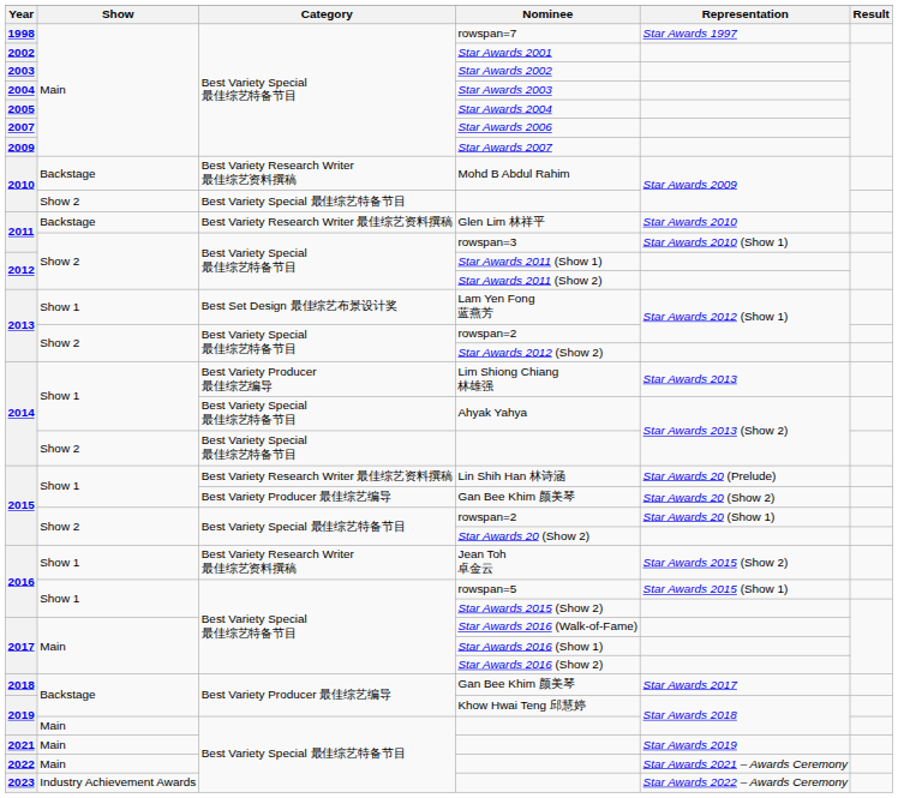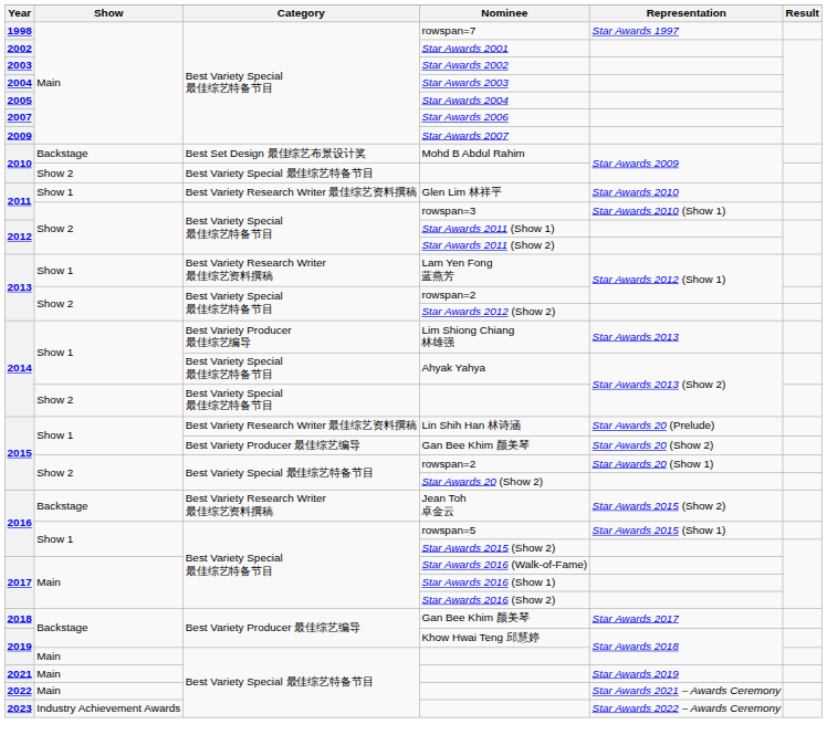 <table class="wikitable">
 <tr>
 </tr>
 <tr>
 <th>Year</th>
 <th>Show</th>
 <th>Category</th>
 <th>Nominee</th>
 <th>Representation</th>
 <th>Result</th>
 </tr>
 <tr>
 <th><a href='#'>1998</a></th>
 <td rowspan=7>Main</td>
 <td rowspan=7>Best Variety Special<br>最佳综艺特备节目</td>
 <td>rowspan=7 </td>
 <td><em><a href='#'>Star Awards 1997</a></em></td>
 <td></td>
 </tr>
 <tr>
 <th><a href='#'>2002</a></th>
 <td><em><a href='#'>Star Awards 2001</a></em></td>
 <td></td>
 </tr>
 <tr>
 <th><a href='#'>2003</a></th>
 <td><em><a href='#'>Star Awards 2002</a></em></td>
 <td></td>
 </tr>
 <tr>
 <th><a href='#'>2004</a></th>
 <td><em><a href='#'>Star Awards 2003</a></em></td>
 <td></td>
 </tr>
 <tr>
 <th><a href='#'>2005</a></th>
 <td><em><a href='#'>Star Awards 2004</a></em></td>
 <td></td>
 </tr>
 <tr>
 <th><a href='#'>2007</a></th>
 <td><em><a href='#'>Star Awards 2006</a></em></td>
 <td></td>
 </tr>
 <tr>
 <th><a href='#'>2009</a></th>
 <td><em><a href='#'>Star Awards 2007</a></em></td>
 <td></td>
 </tr>
 <tr>
 <th rowspan=2><a href='#'>2010</a></th>
 <td>Backstage</td>
-<td>Best Variety Research Writer<br>最佳综艺资料撰稿</td>
+<td>Best Set Design 最佳综艺布景设计奖</td>
 <td>Mohd B Abdul Rahim</td>
 <td rowspan=2><em><a href='#'>Star Awards 2009</a></em></td>
 <td></td>
 </tr>
 <tr>
 <td>Show 2</td>
 <td>Best Variety Special 最佳综艺特备节目</td>
 <td></td>
 <td></td>
 </tr>
 <tr>
 <th rowspan=2><a href='#'>2011</a></th>
-<td>Backstage</td>
+<td>Show 1</td>
 <td>Best Variety Research Writer 最佳综艺资料撰稿</td>
 <td>Glen Lim 林祥平</td>
 <td><em><a href='#'>Star Awards 2010</a></em></td>
 <td></td>
 </tr>
 <tr>
 <td rowspan=3>Show 2</td>
 <td rowspan=3>Best Variety Special<br>最佳综艺特备节目</td>
 <td>rowspan=3 </td>
 <td><em><a href='#'>Star Awards 2010</a></em> (Show 1)</td>
 <td></td>
 </tr>
 <tr>
 <th rowspan=2><a href='#'>2012</a></th>
 <td><em><a href='#'>Star Awards 2011</a></em> (Show 1)</td>
 <td></td>
 </tr>
 <tr>
 <td><em><a href='#'>Star Awards 2011</a></em> (Show 2)</td>
 <td></td>
 </tr>
 <tr>
 <th rowspan=3><a href='#'>2013</a></th>
 <td>Show 1</td>
-<td>Best Set Design 最佳综艺布景设计奖</td>
+<td>Best Variety Research Writer<br>最佳综艺资料撰稿</td>
 <td>Lam Yen Fong <br>蓝燕芳</td>
 <td rowspan=2><em><a href='#'>Star Awards 2012</a></em> (Show 1)</td>
 <td></td>
 </tr>
 <tr>
 <td rowspan=2>Show 2</td>
 <td rowspan=2>Best Variety Special<br>最佳综艺特备节目</td>
 <td>rowspan=2 </td>
 <td></td>
 </tr>
 <tr>
 <td><em><a href='#'>Star Awards 2012</a></em> (Show 2)</td>
 <td></td>
 </tr>
 <tr>
 <th rowspan=3><a href='#'>2014</a></th>
 <td rowspan=2>Show 1</td>
 <td>Best Variety Producer<br>最佳综艺编导</td>
 <td>Lim Shiong Chiang <br>林雄强</td>
 <td><em><a href='#'>Star Awards 2013</a></em></td>
 <td></td>
 </tr>
 <tr>
 <td>Best Variety Special<br>最佳综艺特备节目</td>
 <td>Ahyak Yahya</td>
 <td rowspan=2><em><a href='#'>Star Awards 2013</a></em> (Show 2)</td>
 <td></td>
 </tr>
 <tr>
 <td>Show 2</td>
 <td>Best Variety Special<br>最佳综艺特备节目</td>
 <td></td>
 <td></td>
 </tr>
 <tr>
 <th rowspan=4><a href='#'>2015</a></th>
 <td rowspan=2>Show 1</td>
 <td>Best Variety Research Writer 最佳综艺资料撰稿</td>
 <td>Lin Shih Han 林诗涵</td>
 <td><em><a href='#'>Star Awards 20</a></em> (Prelude)</td>
 <td></td>
 </tr>
 <tr>
 <td>Best Variety Producer 最佳综艺编导</td>
 <td>Gan Bee Khim 颜美琴</td>
 <td><em><a href='#'>Star Awards 20</a></em> (Show 2)</td>
 <td></td>
 </tr>
 <tr>
 <td rowspan=2>Show 2</td>
 <td rowspan=2>Best Variety Special 最佳综艺特备节目</td>
 <td>rowspan=2 </td>
 <td><em><a href='#'>Star Awards 20</a></em> (Show 1)</td>
 <td></td>
 </tr>
 <tr>
 <td><em><a href='#'>Star Awards 20</a></em> (Show 2)</td>
 <td></td>
 </tr>
 <tr>
 <th rowspan=3><a href='#'>2016</a></th>
-<td>Show 1</td>
+<td>Backstage</td>
 <td>Best Variety Research Writer<br>最佳综艺资料撰稿</td>
 <td>Jean Toh <br>卓金云</td>
 <td><em><a href='#'>Star Awards 2015</a></em> (Show 2)</td>
 <td></td>
 </tr>
 <tr>
 <td rowspan=2>Show 1</td>
 <td rowspan=5>Best Variety Special<br>最佳综艺特备节目</td>
 <td>rowspan=5 </td>
 <td><em><a href='#'>Star Awards 2015</a></em> (Show 1)</td>
 <td></td>
 </tr>
 <tr>
 <td><em><a href='#'>Star Awards 2015</a></em> (Show 2)</td>
 <td></td>
 </tr>
 <tr>
 <th rowspan=3><a href='#'>2017</a></th>
 <td rowspan=3>Main</td>
 <td><em><a href='#'>Star Awards 2016</a></em> (Walk-of-Fame)</td>
 <td></td>
 </tr>
 <tr>
 <td><em><a href='#'>Star Awards 2016</a></em> (Show 1)</td>
 <td></td>
 </tr>
 <tr>
 <td><em><a href='#'>Star Awards 2016</a></em> (Show 2)</td>
 <td></td>
 </tr>
 <tr>
 <th><a href='#'>2018</a></th>
 <td rowspan=2>Backstage</td>
 <td rowspan=2>Best Variety Producer 最佳综艺编导</td>
 <td>Gan Bee Khim 颜美琴</td>
 <td><em><a href='#'>Star Awards 2017</a></em></td>
 <td></td>
 </tr>
 <tr>
 <th rowspan=2><a href='#'>2019</a></th>
 <td>Khow Hwai Teng 邱慧婷</td>
 <td rowspan=2><em><a href='#'>Star Awards 2018</a></em></td>
 <td></td>
 </tr>
 <tr>
 <td>Main</td>
 <td rowspan=4>Best Variety Special 最佳综艺特备节目</td>
 <td></td>
 <td></td>
 </tr>
 <tr>
 <th><a href='#'>2021</a></th>
 <td>Main</td>
 <td></td>
 <td><em><a href='#'>Star Awards 2019</a></em></td>
 <td></td>
 </tr>
 <tr>
 <th><a href='#'>2022</a></th>
 <td>Main</td>
 <td></td>
 <td><em><a href='#'>Star Awards 2021</a> – Awards Ceremony</em></td>
 <td></td>
 </tr>
 <tr>
 <th><a href='#'>2023</a></th>
 <td>Industry Achievement Awards</td>
 <td></td>
 <td><em><a href='#'>Star Awards 2022</a> – Awards Ceremony</em></td>
 <td></td>
 </tr>
 </table>
